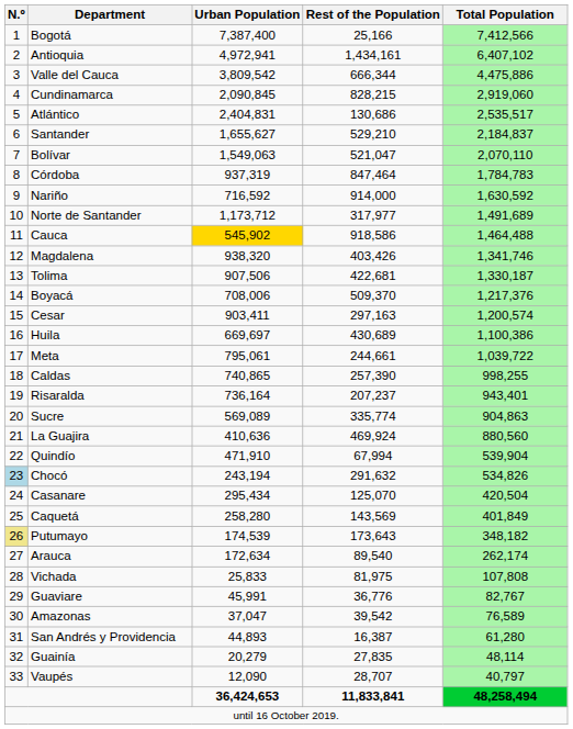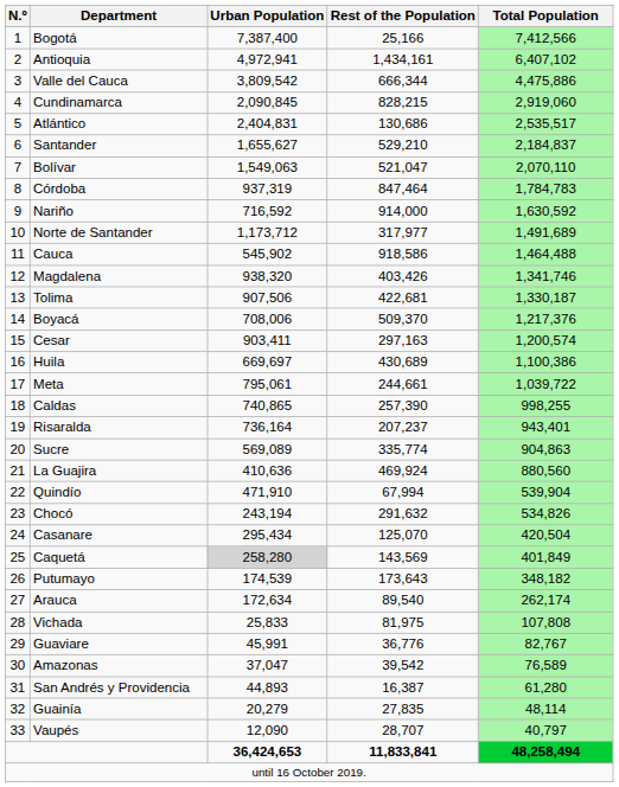 <table class="wikitable sortable">
 <tr>
 <th>N.º</th>
 <th width=200>Department</th>
 <th>Urban Population</th>
 <th>Rest of the Population</th>
 <th width=150>Total Population<br></th>
 </tr>
 <tr align=center>
 <td>1</td>
 <td align=left>Bogotá</td>
 <td>7,387,400</td>
 <td>25,166</td>
 <td bgcolor=#A9F5A9>7,412,566</td>
 </tr>
 <tr align=center>
 <td>2</td>
 <td align=left>Antioquia</td>
 <td>4,972,941</td>
 <td>1,434,161</td>
 <td bgcolor=#A9F5A9>6,407,102</td>
 </tr>
 <tr align=center>
 <td>3</td>
 <td align=left>Valle del Cauca</td>
 <td>3,809,542</td>
 <td>666,344</td>
 <td bgcolor=#A9F5A9>4,475,886</td>
 </tr>
 <tr align=center>
 <td>4</td>
 <td align=left>Cundinamarca</td>
 <td>2,090,845</td>
 <td>828,215</td>
 <td bgcolor=#A9F5A9>2,919,060</td>
 </tr>
 <tr align=center>
 <td>5</td>
 <td align=left>Atlántico</td>
 <td>2,404,831</td>
 <td>130,686</td>
 <td bgcolor=#A9F5A9>2,535,517</td>
 </tr>
 <tr align=center>
 <td>6</td>
 <td align=left>Santander</td>
 <td>1,655,627</td>
 <td>529,210</td>
 <td bgcolor=#A9F5A9>2,184,837</td>
 </tr>
 <tr align=center>
 <td>7</td>
 <td align=left>Bolívar</td>
 <td>1,549,063</td>
 <td>521,047</td>
 <td bgcolor=#A9F5A9>2,070,110</td>
 </tr>
 <tr align=center>
 <td>8</td>
 <td align=left>Córdoba</td>
 <td>937,319</td>
 <td>847,464</td>
 <td bgcolor=#A9F5A9>1,784,783</td>
 </tr>
 <tr align=center>
 <td>9</td>
 <td align=left>Nariño</td>
 <td>716,592</td>
 <td>914,000</td>
 <td bgcolor=#A9F5A9>1,630,592</td>
 </tr>
 <tr align=center>
 <td>10</td>
 <td align=left>Norte de Santander</td>
 <td>1,173,712</td>
 <td>317,977</td>
 <td bgcolor=#A9F5A9>1,491,689</td>
 </tr>
 <tr align=center>
 <td>11</td>
 <td align=left>Cauca</td>
-<td style="background: gold;">545,902</td>
+<td>545,902</td>
 <td>918,586</td>
 <td bgcolor=#A9F5A9>1,464,488</td>
 </tr>
 <tr align=center>
 <td>12</td>
 <td align=left>Magdalena</td>
 <td>938,320</td>
 <td>403,426</td>
 <td bgcolor=#A9F5A9>1,341,746</td>
 </tr>
 <tr align=center>
 <td>13</td>
 <td align=left>Tolima</td>
 <td>907,506</td>
 <td>422,681</td>
 <td bgcolor=#A9F5A9>1,330,187</td>
 </tr>
 <tr align=center>
 <td>14</td>
 <td align=left>Boyacá</td>
 <td>708,006</td>
 <td>509,370</td>
 <td bgcolor=#A9F5A9>1,217,376</td>
 </tr>
 <tr align=center>
 <td>15</td>
 <td align=left>Cesar</td>
 <td>903,411</td>
 <td>297,163</td>
 <td bgcolor=#A9F5A9>1,200,574</td>
 </tr>
 <tr align=center>
 <td>16</td>
 <td align=left>Huila</td>
 <td>669,697</td>
 <td>430,689</td>
 <td bgcolor=#A9F5A9>1,100,386</td>
 </tr>
 <tr align=center>
 <td>17</td>
 <td align=left>Meta</td>
 <td>795,061</td>
 <td>244,661</td>
 <td bgcolor=#A9F5A9>1,039,722</td>
 </tr>
 <tr align=center>
 <td>18</td>
 <td align=left>Caldas</td>
 <td>740,865</td>
 <td>257,390</td>
 <td bgcolor=#A9F5A9>998,255</td>
 </tr>
 <tr align=center>
 <td>19</td>
 <td align=left>Risaralda</td>
 <td>736,164</td>
 <td>207,237</td>
 <td bgcolor=#A9F5A9>943,401</td>
 </tr>
 <tr align=center>
 <td>20</td>
 <td align=left>Sucre</td>
 <td>569,089</td>
 <td>335,774</td>
 <td bgcolor=#A9F5A9>904,863</td>
 </tr>
 <tr align=center>
 <td>21</td>
 <td align=left>La Guajira</td>
 <td>410,636</td>
 <td>469,924</td>
 <td bgcolor=#A9F5A9>880,560</td>
 </tr>
 <tr align=center>
 <td>22</td>
 <td align=left>Quindío</td>
 <td>471,910</td>
 <td>67,994</td>
 <td bgcolor=#A9F5A9>539,904</td>
 </tr>
 <tr align=center>
-<td style="background: lightblue;">23</td>
+<td>23</td>
 <td align=left>Chocó</td>
 <td>243,194</td>
 <td>291,632</td>
 <td bgcolor=#A9F5A9>534,826</td>
 </tr>
 <tr align=center>
 <td>24</td>
 <td align=left>Casanare</td>
 <td>295,434</td>
 <td>125,070</td>
 <td bgcolor=#A9F5A9>420,504</td>
 </tr>
 <tr align=center>
 <td>25</td>
 <td align=left>Caquetá</td>
-<td>258,280</td>
+<td style="background: lightgrey;">258,280</td>
 <td>143,569</td>
 <td bgcolor=#A9F5A9>401,849</td>
 </tr>
 <tr align=center>
-<td style="background: khaki;">26</td>
+<td>26</td>
 <td align=left>Putumayo</td>
 <td>174,539</td>
 <td>173,643</td>
 <td bgcolor=#A9F5A9>348,182</td>
 </tr>
 <tr align=center>
 <td>27</td>
 <td align=left>Arauca</td>
 <td>172,634</td>
 <td>89,540</td>
 <td bgcolor=#A9F5A9>262,174</td>
 </tr>
 <tr align=center>
 <td>28</td>
 <td align=left>Vichada</td>
 <td>25,833</td>
 <td>81,975</td>
 <td bgcolor=#A9F5A9>107,808</td>
 </tr>
 <tr align=center>
 <td>29</td>
 <td align=left>Guaviare</td>
 <td>45,991</td>
 <td>36,776</td>
 <td bgcolor=#A9F5A9>82,767</td>
 </tr>
 <tr align=center>
 <td>30</td>
 <td align=left>Amazonas</td>
 <td>37,047</td>
 <td>39,542</td>
 <td bgcolor=#A9F5A9>76,589</td>
 </tr>
 <tr align=center>
 <td>31</td>
 <td align=left>San Andrés y Providencia</td>
 <td>44,893</td>
 <td>16,387</td>
 <td bgcolor=#A9F5A9>61,280</td>
 </tr>
 <tr align=center>
 <td>32</td>
 <td align=left>Guainía</td>
 <td>20,279</td>
 <td>27,835</td>
 <td bgcolor=#A9F5A9>48,114</td>
 </tr>
 <tr align=center>
 <td>33</td>
 <td align=left>Vaupés</td>
 <td>12,090</td>
 <td>28,707</td>
 <td bgcolor=#A9F5A9>40,797</td>
 </tr>
 <tr align=center>
 <td colspan="2" align=left><strong></strong></td>
 <td><strong>36,424,653</strong></td>
 <td><strong>11,833,841</strong></td>
 <td bgcolor="#00cc33"><strong>48,258,494</strong></td>
 </tr>
 <tr class="sortbottom">
 <td colspan="5" style="text-align:center; font-size:85%;"> until 16 October 2019.</td>
 </tr>
 </table>
